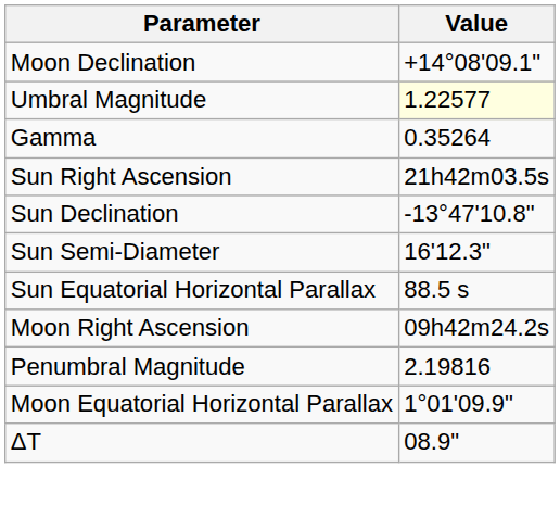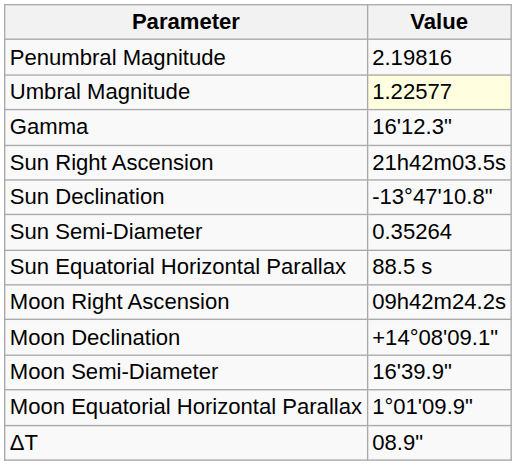 <table class="wikitable">
 <tr>
 <th>Parameter</th>
 <th>Value</th>
 </tr>
 <tr>
-<td>Moon Declination</td>
-<td>+14°08'09.1"</td>
+<td>Penumbral Magnitude</td>
+<td>2.19816</td>
 </tr>
 <tr>
 <td>Umbral Magnitude</td>
 <td style="background: lightyellow;">1.22577</td>
 </tr>
 <tr>
 <td>Gamma</td>
-<td>0.35264</td>
+<td>16'12.3"</td>
 </tr>
 <tr>
 <td>Sun Right Ascension</td>
 <td>21h42m03.5s</td>
 </tr>
 <tr>
 <td>Sun Declination</td>
 <td>-13°47'10.8"</td>
 </tr>
 <tr>
 <td>Sun Semi-Diameter</td>
-<td>16'12.3"</td>
+<td>0.35264</td>
 </tr>
 <tr>
 <td>Sun Equatorial Horizontal Parallax</td>
 <td>88.5 s</td>
 </tr>
 <tr>
 <td>Moon Right Ascension</td>
 <td>09h42m24.2s</td>
 </tr>
 <tr>
-<td>Penumbral Magnitude</td>
-<td>2.19816</td>
+<td>Moon Declination</td>
+<td>+14°08'09.1"</td>
+</tr>
+<tr>
+<td>Moon Semi-Diameter</td>
+<td>16'39.9"</td>
 </tr>
 <tr>
 <td>Moon Equatorial Horizontal Parallax</td>
 <td>1°01'09.9"</td>
 </tr>
 <tr>
 <td>ΔT</td>
 <td>08.9"</td>
 </tr>
 </table>
